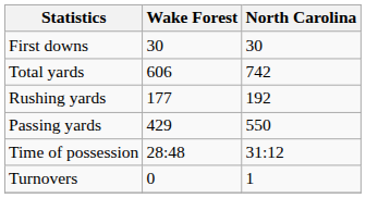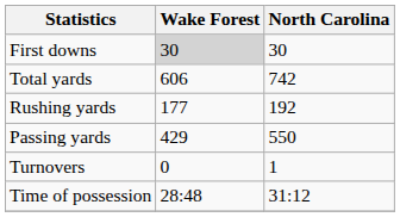 <table class="wikitable">
 <tr>
 <th>Statistics</th>
 <th>Wake Forest</th>
 <th>North Carolina</th>
 </tr>
 <tr>
 <td>First downs</td>
-<td>30</td>
+<td style="background: lightgrey;">30</td>
 <td>30</td>
 </tr>
 <tr>
 <td>Total yards</td>
 <td>606</td>
 <td>742</td>
 </tr>
 <tr>
 <td>Rushing yards</td>
 <td>177</td>
 <td>192</td>
 </tr>
 <tr>
 <td>Passing yards</td>
 <td>429</td>
 <td>550</td>
 </tr>
 <tr>
+<td>Turnovers</td>
+<td>0</td>
+<td>1</td>
+</tr>
+<tr>
 <td>Time of possession</td>
 <td>28:48</td>
 <td>31:12</td>
 </tr>
 <tr>
-<td>Turnovers</td>
-<td>0</td>
-<td>1</td>
-</tr>
-<tr>
 </tr>
 </table>
